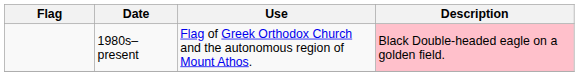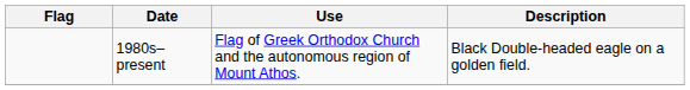 <table class="wikitable">
 <tr>
 <th style="width:110px;">Flag</th>
 <th style="width:100px;">Date</th>
 <th style="width:250px;">Use</th>
 <th style="width:250px;">Description</th>
 </tr>
 <tr>
 <td></td>
 <td>1980s–present</td>
 <td><a href='#'>Flag</a> of <a href='#'>Greek Orthodox Church</a> and the autonomous region of <a href='#'>Mount Athos</a>.</td>
-<td style="background: pink;">Black Double-headed eagle on a golden field.</td>
+<td>Black Double-headed eagle on a golden field.</td>
 </tr>
 <tr>
 </tr>
 </table>
